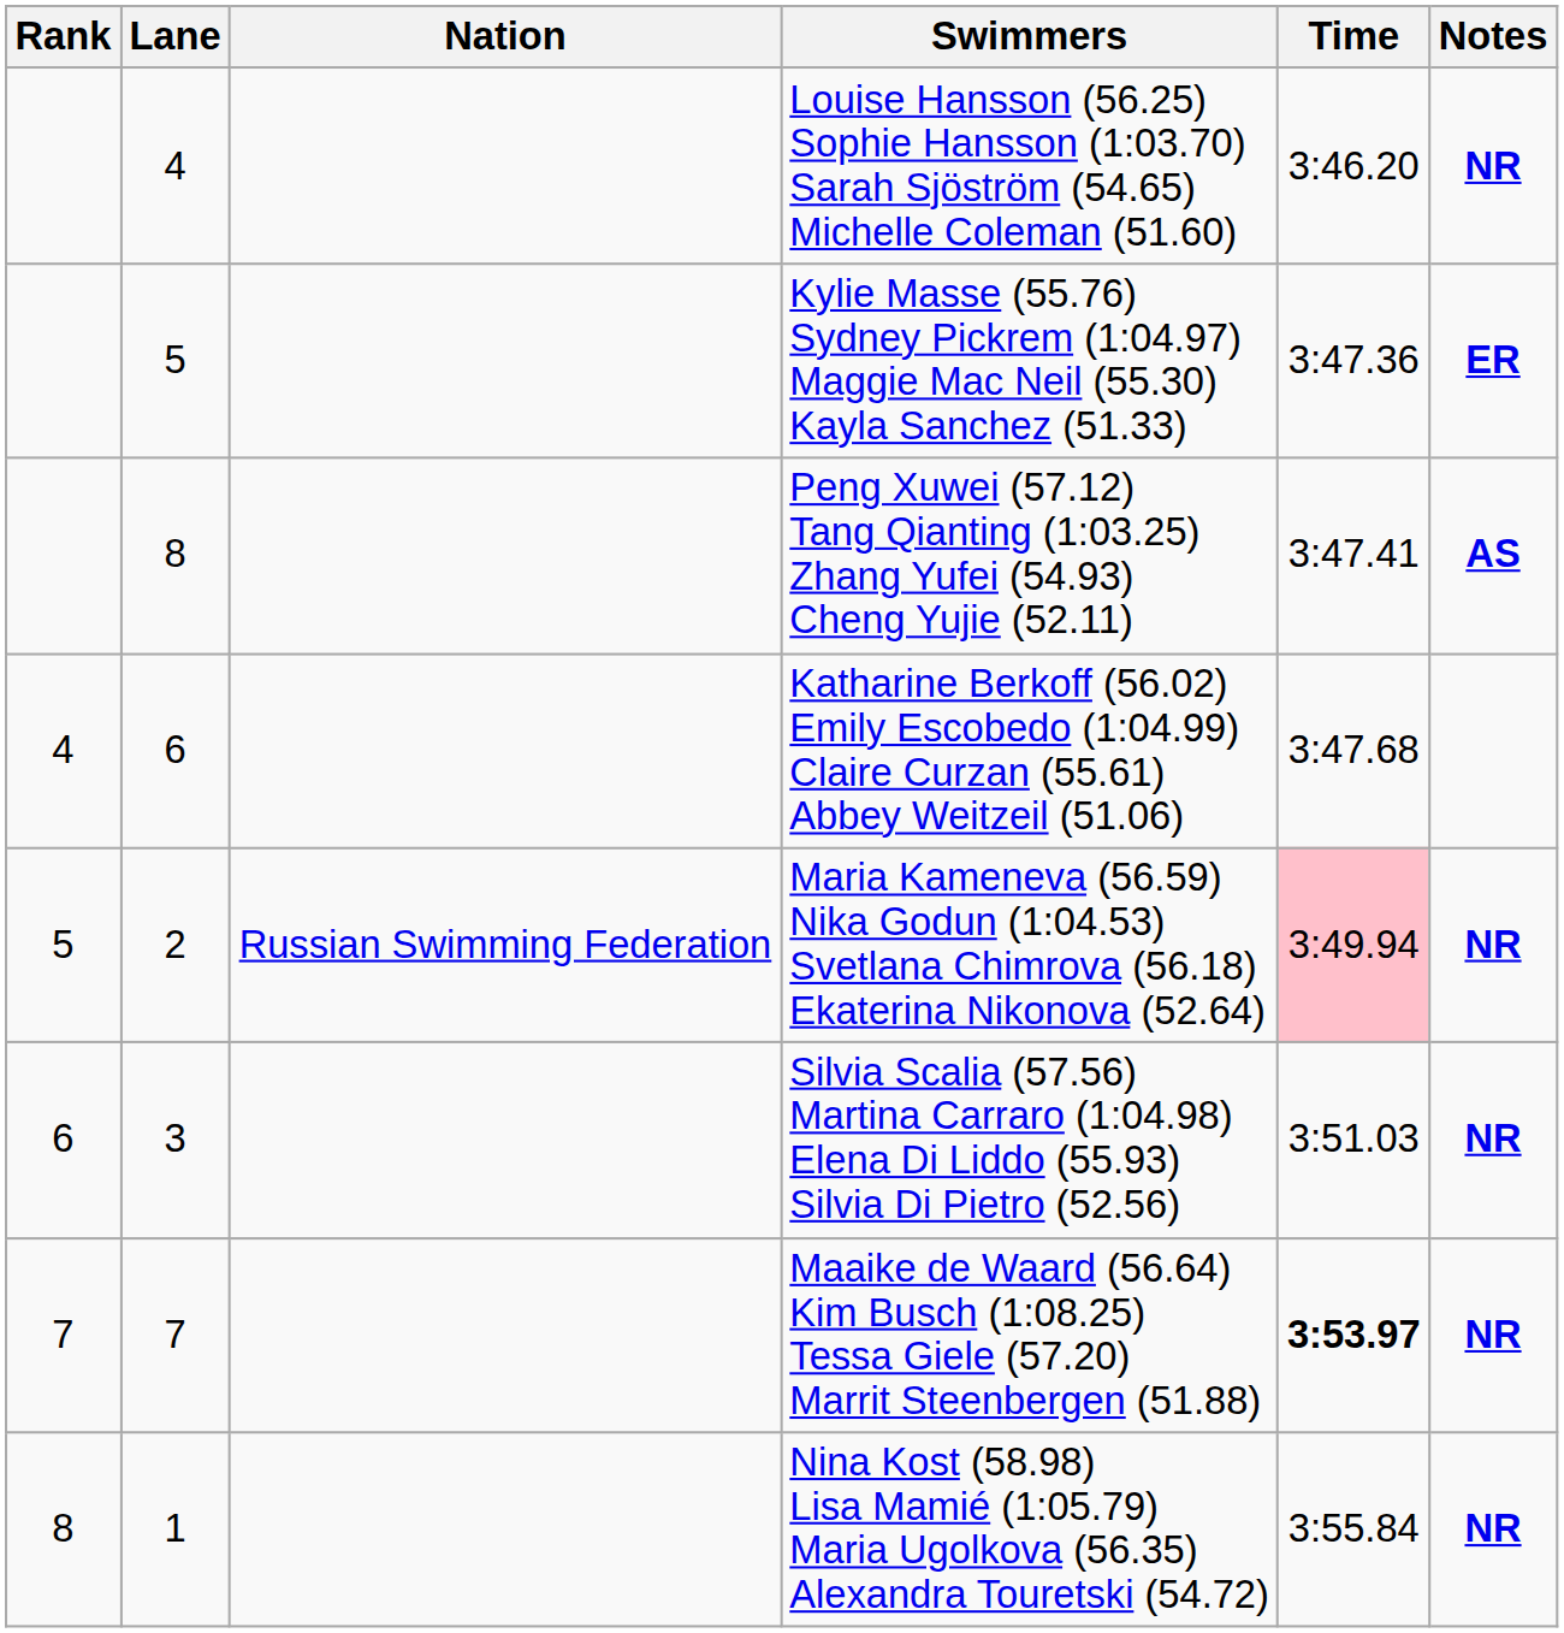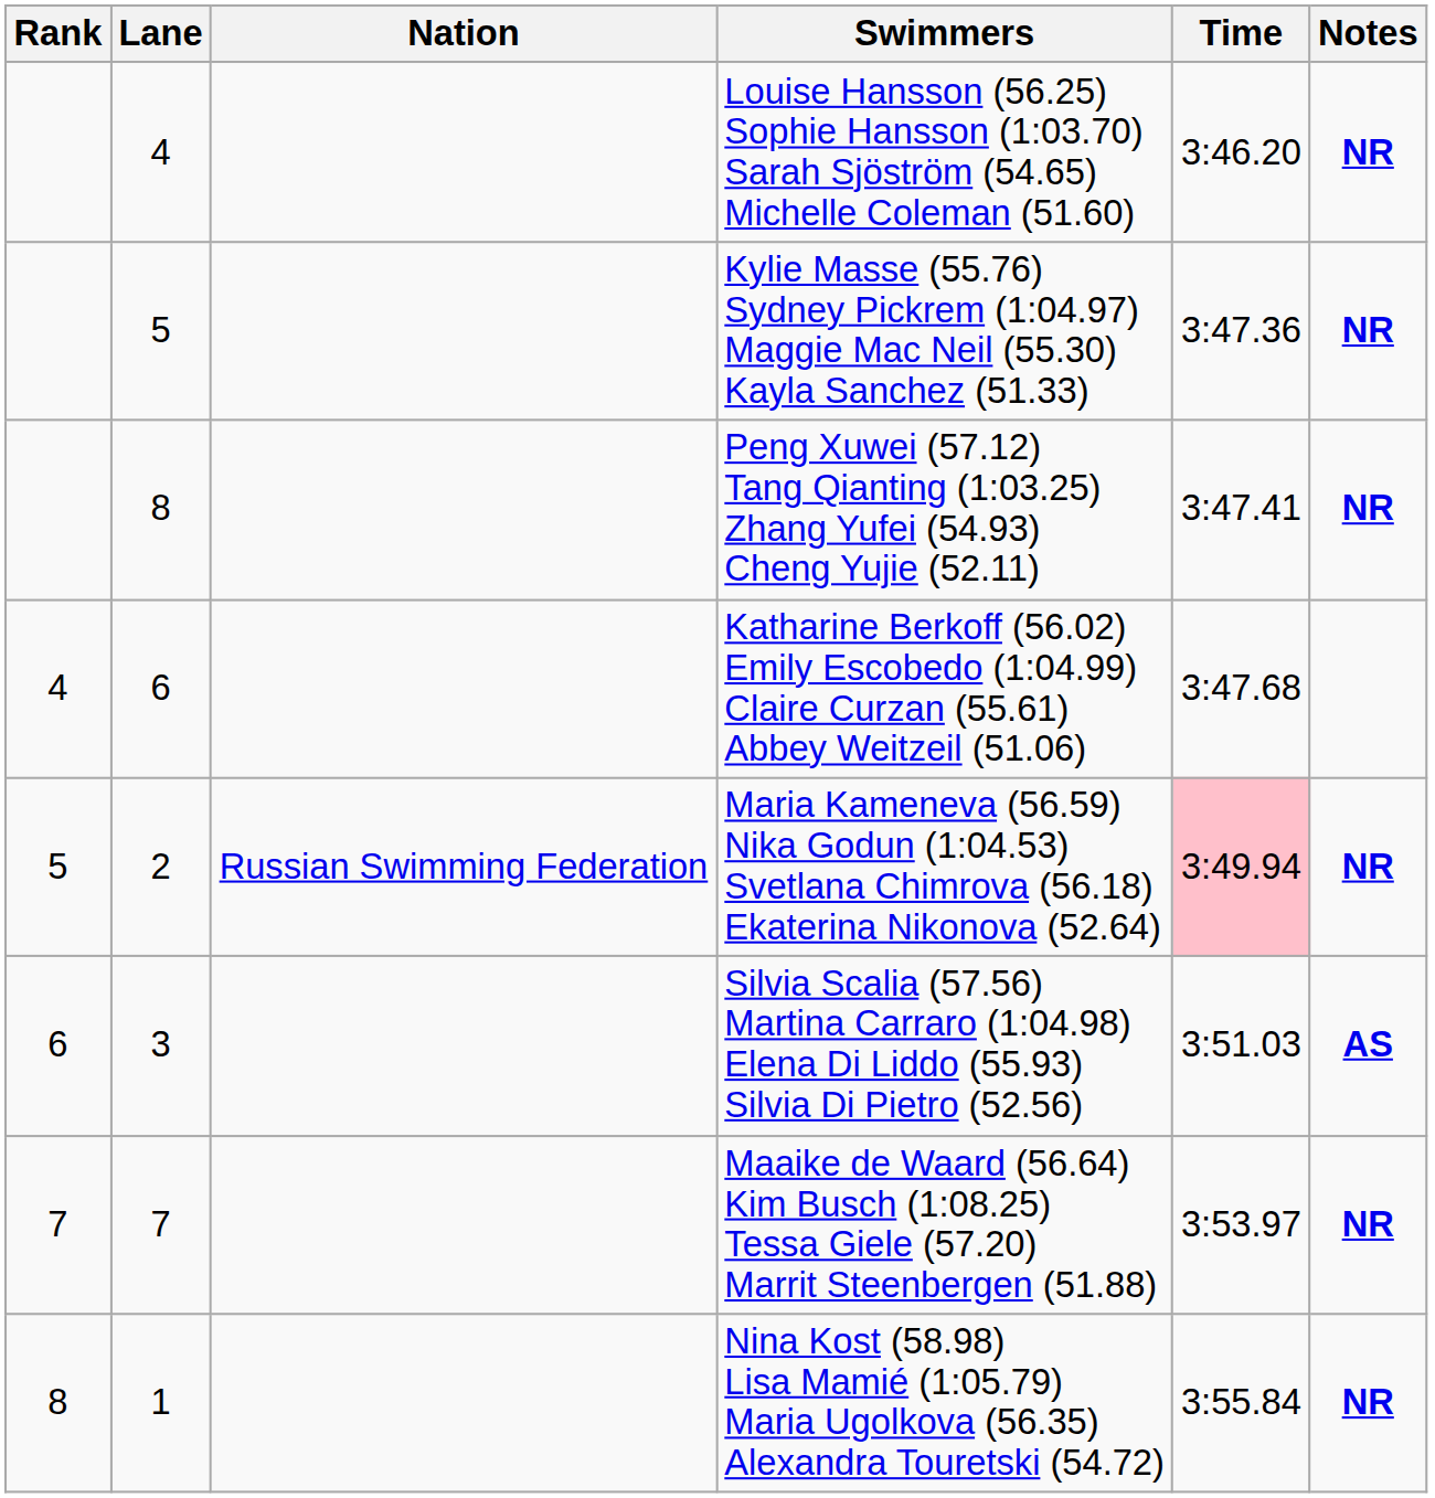 <table class="wikitable sortable" style="text-align:center">
 <tr>
 <th>Rank</th>
 <th>Lane</th>
 <th>Nation</th>
 <th>Swimmers</th>
 <th>Time</th>
 <th>Notes</th>
 </tr>
 <tr>
 <td></td>
 <td>4</td>
 <td align=left></td>
 <td align=left><a href='#'>Louise Hansson</a> (56.25)<br><a href='#'>Sophie Hansson</a> (1:03.70)<br><a href='#'>Sarah Sjöström</a> (54.65)<br><a href='#'>Michelle Coleman</a> (51.60)</td>
 <td>3:46.20</td>
 <td><strong><a href='#'>NR</a></strong></td>
 </tr>
 <tr>
 <td></td>
 <td>5</td>
 <td align=left></td>
 <td align=left><a href='#'>Kylie Masse</a> (55.76)<br><a href='#'>Sydney Pickrem</a> (1:04.97)<br><a href='#'>Maggie Mac Neil</a> (55.30)<br><a href='#'>Kayla Sanchez</a> (51.33)</td>
 <td>3:47.36</td>
-<td><strong><a href='#'>ER</a></strong></td>
+<td><strong><a href='#'>NR</a></strong></td>
 </tr>
 <tr>
 <td></td>
 <td>8</td>
 <td align=left></td>
 <td align=left><a href='#'>Peng Xuwei</a> (57.12)<br><a href='#'>Tang Qianting</a> (1:03.25)<br><a href='#'>Zhang Yufei</a> (54.93)<br><a href='#'>Cheng Yujie</a> (52.11)</td>
 <td>3:47.41</td>
-<td><strong><a href='#'>AS</a></strong></td>
+<td><strong><a href='#'>NR</a></strong></td>
 </tr>
 <tr>
 <td>4</td>
 <td>6</td>
 <td align=left></td>
 <td align=left><a href='#'>Katharine Berkoff</a> (56.02)<br><a href='#'>Emily Escobedo</a> (1:04.99)<br><a href='#'>Claire Curzan</a> (55.61)<br><a href='#'>Abbey Weitzeil</a> (51.06)</td>
 <td>3:47.68</td>
 <td></td>
 </tr>
 <tr>
 <td>5</td>
 <td>2</td>
 <td align=left><a href='#'>Russian Swimming Federation</a></td>
 <td align=left><a href='#'>Maria Kameneva</a> (56.59)<br><a href='#'>Nika Godun</a> (1:04.53)<br><a href='#'>Svetlana Chimrova</a> (56.18)<br><a href='#'>Ekaterina Nikonova</a> (52.64)</td>
 <td style="background: pink;">3:49.94</td>
 <td><strong><a href='#'>NR</a></strong></td>
 </tr>
 <tr>
 <td>6</td>
 <td>3</td>
 <td align=left></td>
 <td align=left><a href='#'>Silvia Scalia</a> (57.56)<br><a href='#'>Martina Carraro</a> (1:04.98)<br><a href='#'>Elena Di Liddo</a> (55.93)<br><a href='#'>Silvia Di Pietro</a> (52.56)</td>
 <td>3:51.03</td>
-<td><strong><a href='#'>NR</a></strong></td>
+<td><strong><a href='#'>AS</a></strong></td>
 </tr>
 <tr>
 <td>7</td>
 <td>7</td>
 <td align=left></td>
 <td align=left><a href='#'>Maaike de Waard</a> (56.64)<br><a href='#'>Kim Busch</a> (1:08.25)<br><a href='#'>Tessa Giele</a> (57.20)<br><a href='#'>Marrit Steenbergen</a> (51.88)</td>
-<td><strong>3:53.97</strong></td>
+<td>3:53.97</td>
 <td><strong><a href='#'>NR</a></strong></td>
 </tr>
 <tr>
 <td>8</td>
 <td>1</td>
 <td align=left></td>
 <td align=left><a href='#'>Nina Kost</a> (58.98)<br><a href='#'>Lisa Mamié</a> (1:05.79)<br><a href='#'>Maria Ugolkova</a> (56.35)<br><a href='#'>Alexandra Touretski</a> (54.72)</td>
 <td>3:55.84</td>
 <td><strong><a href='#'>NR</a></strong></td>
 </tr>
 </table>
